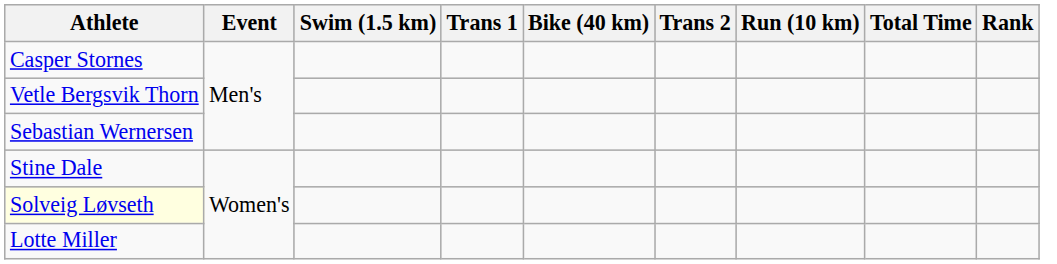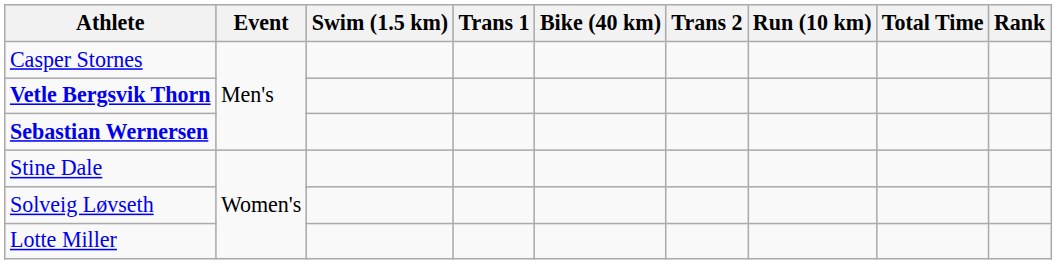 <table class="wikitable" style="font-size:90%">
 <tr>
 <th>Athlete</th>
 <th>Event</th>
 <th>Swim (1.5 km)</th>
 <th>Trans 1</th>
 <th>Bike (40 km)</th>
 <th>Trans 2</th>
 <th>Run (10 km)</th>
 <th>Total Time</th>
 <th>Rank</th>
 </tr>
 <tr align=center>
 <td align=left><a href='#'>Casper Stornes</a></td>
 <td align=left rowspan=3>Men's</td>
 <td></td>
 <td></td>
 <td></td>
 <td></td>
 <td></td>
 <td></td>
 <td></td>
 </tr>
 <tr align=center>
-<td align=left><a href='#'>Vetle Bergsvik Thorn</a></td>
+<td align=left><strong><a href='#'>Vetle Bergsvik Thorn</a></strong></td>
 <td></td>
 <td></td>
 <td></td>
 <td></td>
 <td></td>
 <td></td>
 <td></td>
 </tr>
 <tr align=center>
-<td align=left><a href='#'>Sebastian Wernersen</a></td>
+<td align=left><strong><a href='#'>Sebastian Wernersen</a></strong></td>
 <td></td>
 <td></td>
 <td></td>
 <td></td>
 <td></td>
 <td></td>
 <td></td>
 </tr>
 <tr align=center>
 <td align=left><a href='#'>Stine Dale</a></td>
 <td align=left rowspan=3>Women's</td>
 <td></td>
 <td></td>
 <td></td>
 <td></td>
 <td></td>
 <td></td>
 <td></td>
 </tr>
 <tr align=center>
-<td align=left style="background: lightyellow;"><a href='#'>Solveig Løvseth</a></td>
+<td align=left><a href='#'>Solveig Løvseth</a></td>
 <td></td>
 <td></td>
 <td></td>
 <td></td>
 <td></td>
 <td></td>
 <td></td>
 </tr>
 <tr align=center>
 <td align=left><a href='#'>Lotte Miller</a></td>
 <td></td>
 <td></td>
 <td></td>
 <td></td>
 <td></td>
 <td></td>
 <td></td>
 </tr>
 </table>
